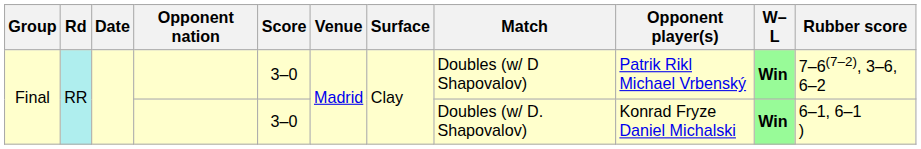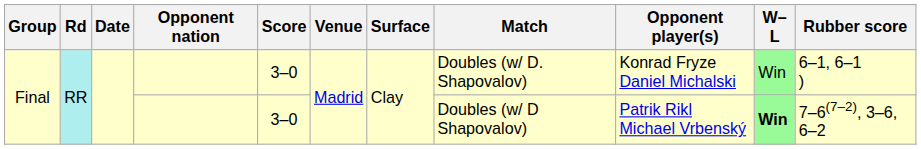 <table class="sortable wikitable" style=font-size:96%>
 <tr>
 <th scope="col" class="unsortable">Group</th>
 <th scope="col">Rd</th>
 <th scope="col" class="unsortable">Date</th>
 <th scope="col">Opponent nation</th>
 <th scope="col">Score</th>
 <th scope="col" class="unsortable">Venue</th>
 <th scope="col" class="unsortable">Surface</th>
 <th scope="col">Match</th>
 <th scope="col">Opponent player(s)</th>
 <th scope="col" class="unsortable">W–L</th>
 <th scope="col" class="unsortable">Rubber score</th>
 </tr>
 <tr style="background:#ffffcc;">
 <td rowspan="8" style="text-align:center;">Final</td>
 <td align="center" style="background:#afeeee;" rowspan=4>RR</td>
 <td rowspan="8"></td>
 <td></td>
 <td style="text-align:center;">3–0</td>
 <td rowspan="8"><a href='#'>Madrid</a></td>
 <td rowspan="8">Clay</td>
+<td>Doubles (w/ D. Shapovalov)</td>
+<td data-sort-value="Fryze, K">Konrad Fryze<br><a href='#'>Daniel Michalski</a></td>
+<td style="background:#98fb98;">Win</td>
+<td>6–1, 6–1<br>)</td>
+</tr>
+<tr style="background:#ffffcc;">
+<td></td>
+<td style="text-align:center;">3–0</td>
 <td>Doubles (w/ D Shapovalov)</td>
 <td data-sort-value="Rikl, P"><a href='#'>Patrik Rikl</a><br><a href='#'>Michael Vrbenský</a></td>
 <td style="background:#98fb98;"><strong>Win</strong></td>
 <td>7–6<sup>(7–2)</sup>, 3–6, 6–2</td>
 </tr>
-<tr style="background:#ffffcc;">
-<td></td>
-<td style="text-align:center;">3–0</td>
-<td>Doubles (w/ D. Shapovalov)</td>
-<td data-sort-value="Fryze, K">Konrad Fryze<br><a href='#'>Daniel Michalski</a></td>
-<td style="background:#98fb98;"><strong>Win</strong></td>
-<td>6–1, 6–1<br>)</td>
-</tr>
 </table>
